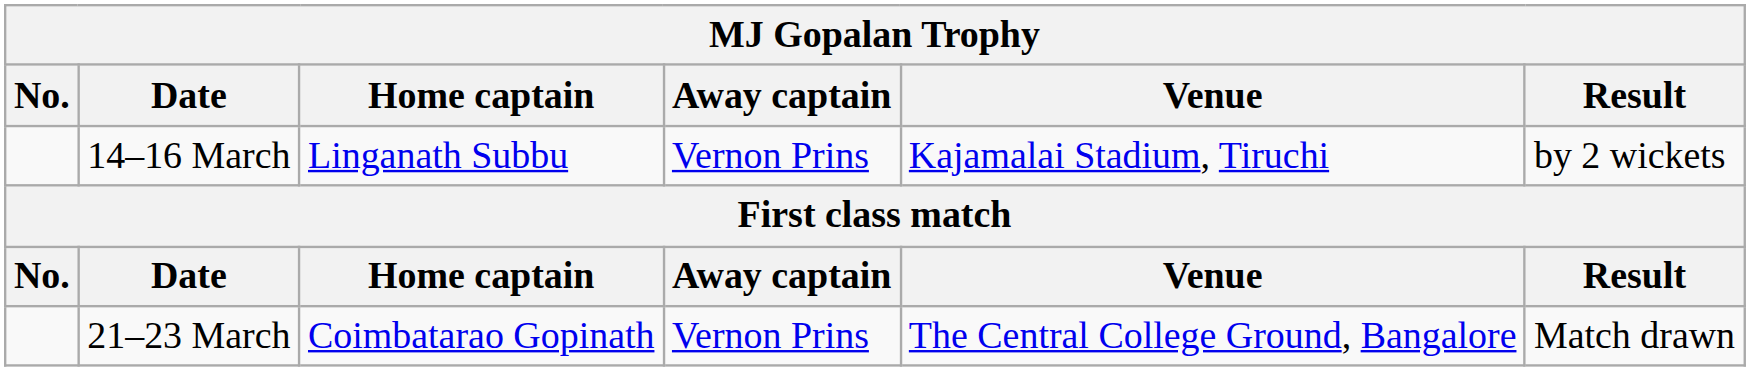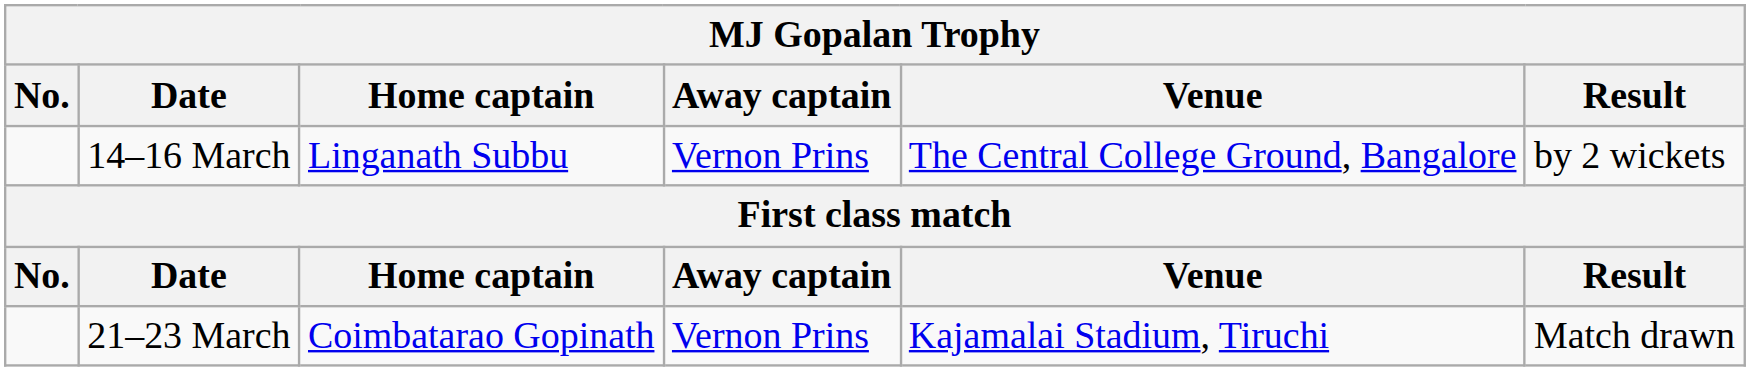 <table class="wikitable">
 <tr>
 <th colspan="9">MJ Gopalan Trophy</th>
 </tr>
 <tr>
 <th>No.</th>
 <th>Date</th>
 <th>Home captain</th>
 <th>Away captain</th>
 <th>Venue</th>
 <th>Result</th>
 </tr>
 <tr>
 <td></td>
 <td>14–16 March</td>
 <td><a href='#'>Linganath Subbu</a></td>
 <td><a href='#'>Vernon Prins</a></td>
-<td><a href='#'>Kajamalai Stadium</a>, <a href='#'>Tiruchi</a></td>
+<td><a href='#'>The Central College Ground</a>, <a href='#'>Bangalore</a></td>
 <td> by 2 wickets</td>
 </tr>
 <tr>
 <th colspan="9">First class match</th>
 </tr>
 <tr>
 <th>No.</th>
 <th>Date</th>
 <th>Home captain</th>
 <th>Away captain</th>
 <th>Venue</th>
 <th>Result</th>
 </tr>
 <tr>
 <td></td>
 <td>21–23 March</td>
 <td><a href='#'>Coimbatarao Gopinath</a></td>
 <td><a href='#'>Vernon Prins</a></td>
-<td><a href='#'>The Central College Ground</a>, <a href='#'>Bangalore</a></td>
+<td><a href='#'>Kajamalai Stadium</a>, <a href='#'>Tiruchi</a></td>
 <td>Match drawn</td>
 </tr>
 </table>
